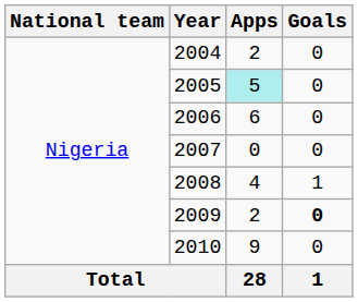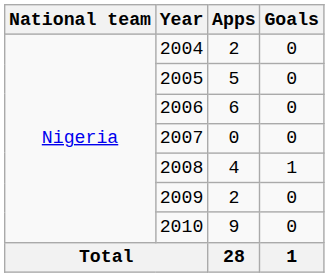 <table class="wikitable" style="text-align:center">
 <tr>
 <th>National team</th>
 <th>Year</th>
 <th>Apps</th>
 <th>Goals</th>
 </tr>
 <tr>
 <td rowspan="7"><a href='#'>Nigeria</a></td>
 <td>2004</td>
 <td>2</td>
 <td>0</td>
 </tr>
 <tr>
 <td>2005</td>
-<td style="background: paleturquoise;">5</td>
+<td>5</td>
 <td>0</td>
 </tr>
 <tr>
 <td>2006</td>
 <td>6</td>
 <td>0</td>
 </tr>
 <tr>
 <td>2007</td>
 <td>0</td>
 <td>0</td>
 </tr>
 <tr>
 <td>2008</td>
 <td>4</td>
 <td>1</td>
 </tr>
 <tr>
 <td>2009</td>
 <td>2</td>
-<td><strong>0</strong></td>
+<td>0</td>
 </tr>
 <tr>
 <td>2010</td>
 <td>9</td>
 <td>0</td>
 </tr>
 <tr>
 <th colspan="2">Total</th>
 <th>28</th>
 <th>1</th>
 </tr>
 </table>
